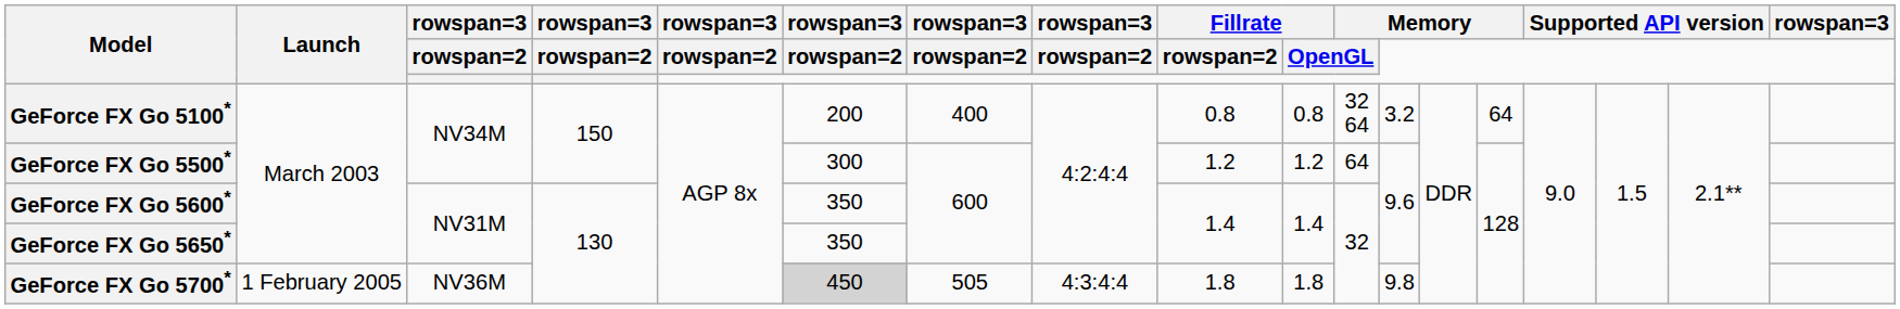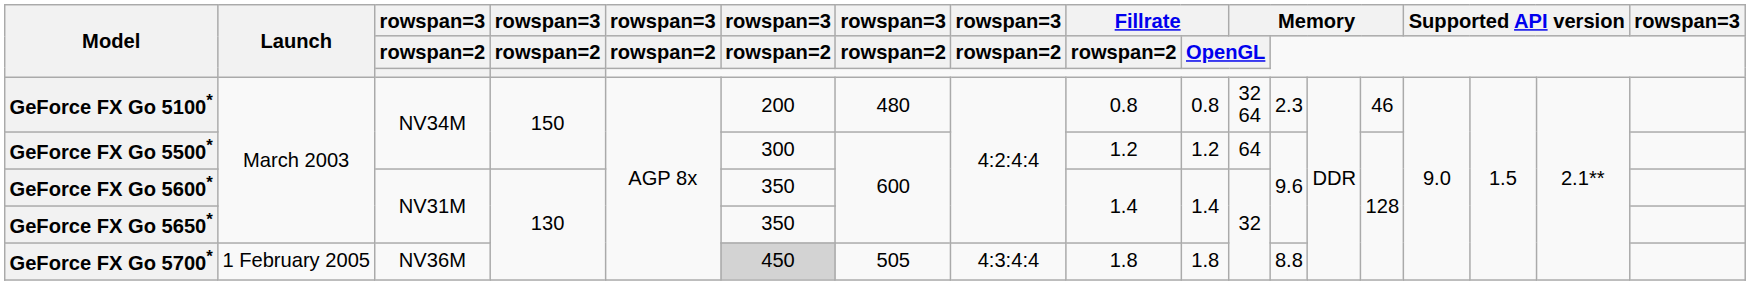 <table class="mw-datatable wikitable sortable" style="font-size:85%; text-align:center;">
 <tr>
 <th rowspan=3>Model</th>
 <th rowspan=3>Launch</th>
 <th>rowspan=3 </th>
 <th>rowspan=3 </th>
 <th>rowspan=3 </th>
 <th>rowspan=3 </th>
 <th>rowspan=3 </th>
 <th>rowspan=3 </th>
 <th colspan=2><a href='#'>Fillrate</a></th>
 <th colspan=4>Memory</th>
 <th colspan=3>Supported <a href='#'>API</a> version</th>
 <th>rowspan=3 </th>
 </tr>
 <tr>
 <th>rowspan=2 </th>
 <th>rowspan=2 </th>
 <th>rowspan=2 </th>
 <th>rowspan=2 </th>
 <th>rowspan=2 </th>
 <th>rowspan=2 </th>
 <th>rowspan=2 </th>
 <th colspan=2><a href='#'>OpenGL</a></th>
 </tr>
 <tr>
 <th></th>
 <th></th>
 </tr>
 <tr>
 <th style="text-align:left;">GeForce FX Go 5100<sup>*</sup></th>
 <td rowspan="4">March 2003</td>
 <td rowspan="2">NV34M</td>
 <td rowspan="2">150</td>
 <td rowspan="5">AGP 8x</td>
 <td>200</td>
-<td>400</td>
+<td>480</td>
 <td rowspan="4">4:2:4:4</td>
 <td>0.8</td>
 <td>0.8</td>
 <td>32<br>64</td>
-<td>3.2</td>
+<td>2.3</td>
 <td rowspan="5">DDR</td>
-<td>64</td>
+<td>46</td>
 <td rowspan="5">9.0</td>
 <td rowspan="5">1.5</td>
 <td rowspan="5">2.1**</td>
 <td></td>
 </tr>
 <tr>
 <th style="text-align:left;">GeForce FX Go 5500<sup>*</sup></th>
 <td>300</td>
 <td rowspan="3">600</td>
 <td>1.2</td>
 <td>1.2</td>
 <td>64</td>
 <td rowspan="3">9.6</td>
 <td rowspan="4">128</td>
 <td></td>
 </tr>
 <tr>
 <th style="text-align:left;">GeForce FX Go 5600<sup>*</sup></th>
 <td rowspan="2">NV31M</td>
 <td rowspan="3">130</td>
 <td>350</td>
 <td rowspan="2">1.4</td>
 <td rowspan="2">1.4</td>
 <td rowspan="3">32</td>
 <td></td>
 </tr>
 <tr>
 <th style="text-align:left;">GeForce FX Go 5650<sup>*</sup></th>
 <td>350</td>
 <td></td>
 </tr>
 <tr>
 <th style="text-align:left;">GeForce FX Go 5700<sup>*</sup></th>
 <td>1 February 2005</td>
 <td>NV36M</td>
 <td style="background: lightgrey;">450</td>
 <td>505</td>
 <td>4:3:4:4</td>
 <td>1.8</td>
 <td>1.8</td>
-<td>9.8</td>
+<td>8.8</td>
 <td></td>
 </tr>
 </table>
